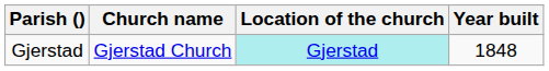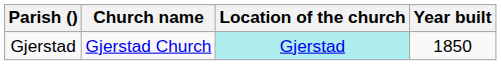 <table class="wikitable" style="text-align:center">
 <tr>
 <th>Parish ()</th>
 <th>Church name</th>
 <th>Location of the church</th>
 <th>Year built</th>
 </tr>
 <tr>
 <td rowspan="1">Gjerstad</td>
 <td><a href='#'>Gjerstad Church</a></td>
 <td style="background: paleturquoise;"><a href='#'>Gjerstad</a></td>
-<td>1848</td>
+<td>1850</td>
 </tr>
 </table>
